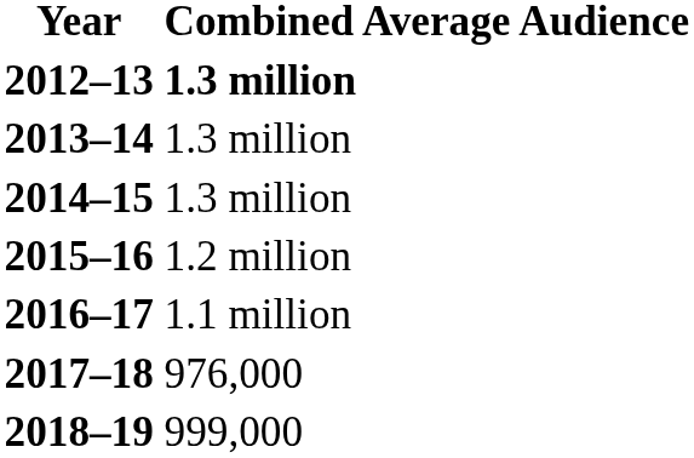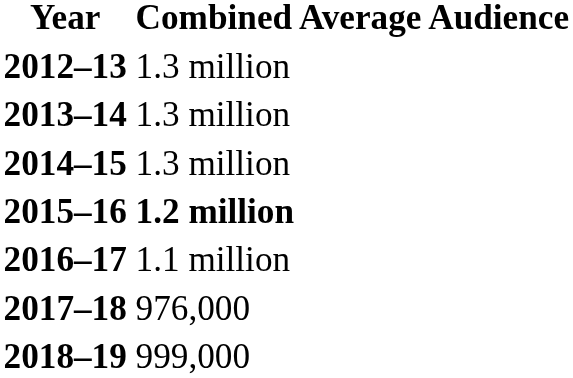 <table>
 <tr>
 <th>Year</th>
 <th>Combined Average Audience</th>
 </tr>
 <tr>
 <th>2012–13</th>
-<td><strong>1.3 million</strong></td>
+<td>1.3 million</td>
 </tr>
 <tr>
 <th>2013–14</th>
 <td>1.3 million</td>
 </tr>
 <tr>
 <th>2014–15</th>
 <td>1.3 million</td>
 </tr>
 <tr>
 <th>2015–16</th>
-<td>1.2 million</td>
+<td><strong>1.2 million</strong></td>
 </tr>
 <tr>
 <th>2016–17</th>
 <td>1.1 million</td>
 </tr>
 <tr>
 <th>2017–18</th>
 <td>976,000</td>
 </tr>
 <tr>
 <th>2018–19</th>
 <td>999,000</td>
 </tr>
 </table>
